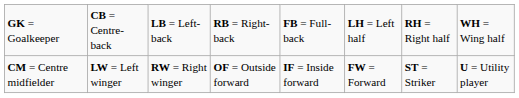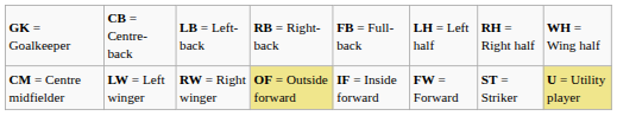 <table class="wikitable">
 <tr>
 <td><small><strong>GK</strong> = Goalkeeper</small></td>
 <td><small><strong>CB</strong> = Centre-back</small></td>
 <td><small><strong>LB</strong> = Left-back</small></td>
 <td><small><strong>RB</strong> = Right-back</small></td>
 <td><small><strong>FB</strong> = Full-back</small></td>
 <td><small><strong>LH</strong> = Left half</small></td>
 <td><small><strong>RH</strong> = Right half</small></td>
 <td><small><strong>WH</strong> = Wing half</small></td>
 </tr>
 <tr>
 <td><small><strong>CM</strong> = Centre midfielder</small></td>
 <td><small><strong>LW</strong> = Left winger</small></td>
 <td><small><strong>RW</strong> = Right winger</small></td>
-<td><small><strong>OF</strong> = Outside forward</small></td>
+<td style="background: khaki;"><small><strong>OF</strong> = Outside forward</small></td>
 <td><small><strong>IF</strong> = Inside forward</small></td>
 <td><small><strong>FW</strong> = Forward</small></td>
 <td><small><strong>ST</strong> = Striker</small></td>
-<td><small><strong>U</strong> = Utility player</small></td>
+<td style="background: khaki;"><small><strong>U</strong> = Utility player</small></td>
 </tr>
 </table>
